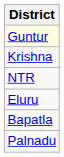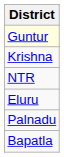 <table class="wikitable sortable static-row-numbers static-row-header-hash">
 <tr>
 <th>District</th>
 </tr>
 <tr>
 <td style="background: lightyellow;"><a href='#'>Guntur</a></td>
 </tr>
 <tr>
 <td><a href='#'>Krishna</a></td>
 </tr>
 <tr>
 <td><a href='#'>NTR</a></td>
 </tr>
 <tr>
 <td><a href='#'>Eluru</a></td>
 </tr>
 <tr>
+<td><a href='#'>Palnadu</a></td>
+</tr>
+<tr>
 <td><a href='#'>Bapatla</a></td>
 </tr>
-<tr>
-<td><a href='#'>Palnadu</a></td>
-</tr>
 </table>
